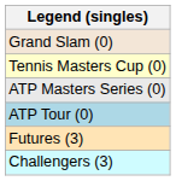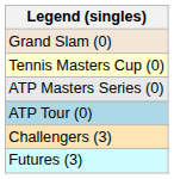 <table class="wikitable">
 <tr>
 <th>Legend (singles)</th>
 </tr>
 <tr bgcolor="#f3e6d7">
 <td>Grand Slam (0)</td>
 </tr>
 <tr bgcolor="ffffcc">
 <td>Tennis Masters Cup (0)</td>
 </tr>
 <tr bgcolor="#e9e9e9">
 <td>ATP Masters Series (0)</td>
 </tr>
 <tr>
 <td style="background: lightblue;">ATP Tour (0)</td>
 </tr>
 <tr bgcolor="moccasin">
+<td>Challengers (3)</td>
+</tr>
+<tr bgcolor="CFFCFF">
 <td>Futures (3)</td>
 </tr>
-<tr bgcolor="CFFCFF">
-<td>Challengers (3)</td>
-</tr>
 </table>
